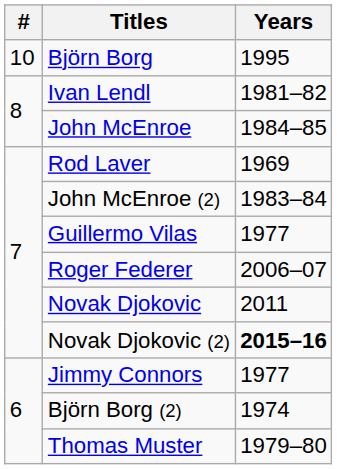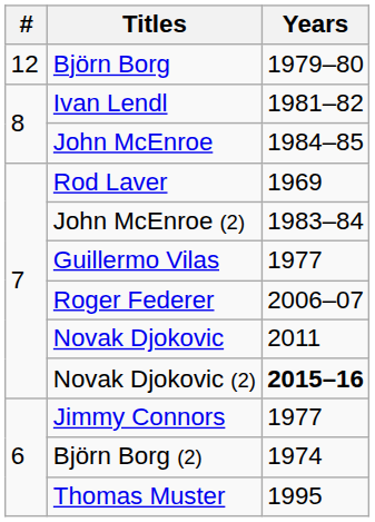 <table class="wikitable" style="display:inline-table;">
 <tr>
 <th width=20>#</th>
 <th>Titles</th>
 <th>Years</th>
 </tr>
 <tr>
-<td>10</td>
+<td>12</td>
 <td> <a href='#'>Björn Borg</a></td>
-<td>1995</td>
+<td>1979–80  </td>
 </tr>
 <tr>
 <td rowspan=2>8</td>
 <td> <a href='#'>Ivan Lendl</a></td>
 <td>1981–82</td>
 </tr>
 <tr>
 <td> <a href='#'>John McEnroe</a></td>
 <td>1984–85</td>
 </tr>
 <tr>
 <td rowspan=6>7</td>
 <td> <a href='#'>Rod Laver</a></td>
 <td>1969</td>
 </tr>
 <tr>
 <td> John McEnroe <small>(2)</small></td>
 <td>1983–84</td>
 </tr>
 <tr>
 <td> <a href='#'>Guillermo Vilas</a></td>
 <td>1977</td>
 </tr>
 <tr>
 <td> <a href='#'>Roger Federer</a></td>
 <td>2006–07</td>
 </tr>
 <tr>
 <td> <a href='#'>Novak Djokovic</a></td>
 <td>2011</td>
 </tr>
 <tr>
 <td> Novak Djokovic <small>(2)</small></td>
 <td><strong>2015–16</strong></td>
 </tr>
 <tr>
 <td rowspan=3>6</td>
 <td> <a href='#'>Jimmy Connors</a></td>
 <td>1977</td>
 </tr>
 <tr>
 <td> Björn Borg <small>(2)</small></td>
 <td>1974</td>
 </tr>
 <tr>
 <td> <a href='#'>Thomas Muster</a></td>
-<td>1979–80  </td>
+<td>1995</td>
 </tr>
 </table>
